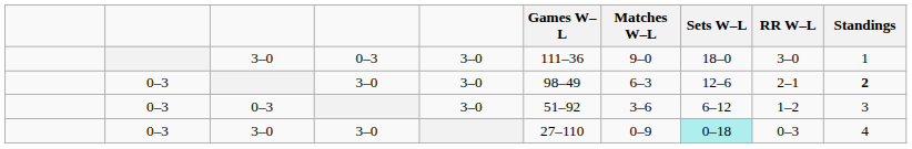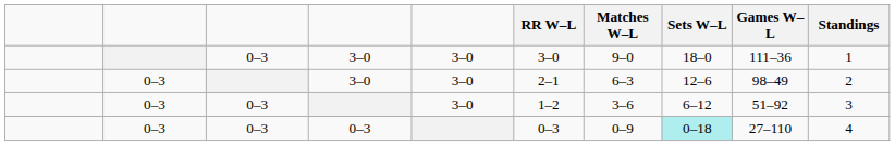 <table class="wikitable" style="width: 100%; text-align:center; font-size:90%">
 <tr>
 <td width=130></td>
 <td width=130></td>
 <td width=130></td>
 <td width=130></td>
 <td width=130></td>
-<th width=80>Games W–L</th>
+<th width=80>RR W–L</th>
 <th width=80>Matches W–L</th>
 <th width=80>Sets W–L</th>
-<th width=80>RR W–L</th>
+<th width=80>Games W–L</th>
 <th width=80>Standings</th>
 </tr>
 <tr>
 <td style="text-align:left;"></td>
 <th bgcolor="ededed"></th>
-<td>3–0</td>
 <td>0–3</td>
 <td>3–0</td>
-<td>111–36</td>
+<td>3–0</td>
+<td>3–0</td>
 <td>9–0</td>
 <td>18–0</td>
-<td>3–0</td>
+<td>111–36</td>
 <td>1</td>
 </tr>
 <tr>
 <td style="text-align:left;"></td>
 <td>0–3</td>
 <th bgcolor="ededed"></th>
 <td>3–0</td>
 <td>3–0</td>
-<td>98–49</td>
+<td>2–1</td>
 <td>6–3</td>
 <td>12–6</td>
-<td>2–1</td>
-<td><strong>2</strong></td>
+<td>98–49</td>
+<td>2</td>
 </tr>
 <tr>
 <td style="text-align:left;"></td>
 <td>0–3</td>
 <td>0–3</td>
 <th bgcolor="ededed"></th>
 <td>3–0</td>
-<td>51–92</td>
+<td>1–2</td>
 <td>3–6</td>
 <td>6–12</td>
-<td>1–2</td>
+<td>51–92</td>
 <td>3</td>
 </tr>
 <tr>
 <td style="text-align:left;"></td>
 <td>0–3</td>
-<td>3–0</td>
-<td>3–0</td>
+<td>0–3</td>
+<td>0–3</td>
 <th bgcolor="ededed"></th>
-<td>27–110</td>
+<td>0–3</td>
 <td>0–9</td>
 <td style="background: paleturquoise;">0–18</td>
-<td>0–3</td>
+<td>27–110</td>
 <td>4</td>
 </tr>
 </table>
